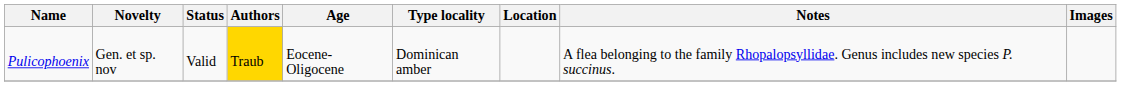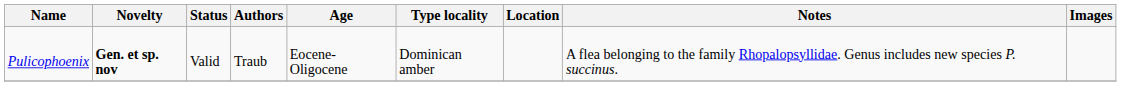 <table class="wikitable sortable" align="center" width="100%">
 <tr>
 <th>Name</th>
 <th>Novelty</th>
 <th>Status</th>
 <th>Authors</th>
 <th>Age</th>
 <th>Type locality</th>
 <th>Location</th>
 <th>Notes</th>
 <th>Images</th>
 </tr>
 <tr>
 <td><br><em><a href='#'>Pulicophoenix</a></em></td>
-<td><br>Gen. et sp. nov</td>
+<td><strong><br>Gen. et sp. nov</strong></td>
 <td><br>Valid</td>
-<td style="background: gold;"><br>Traub</td>
+<td><br>Traub</td>
 <td><br>Eocene-Oligocene</td>
 <td><br>Dominican amber</td>
 <td><br></td>
 <td><br>A flea belonging to the family <a href='#'>Rhopalopsyllidae</a>. Genus includes new species <em>P. succinus</em>.</td>
 <td></td>
 </tr>
 <tr>
 </tr>
 </table>
